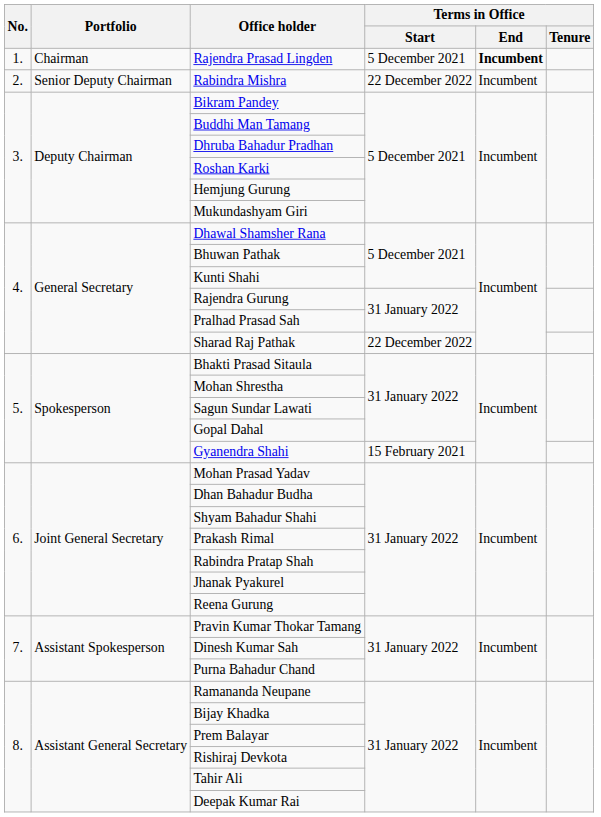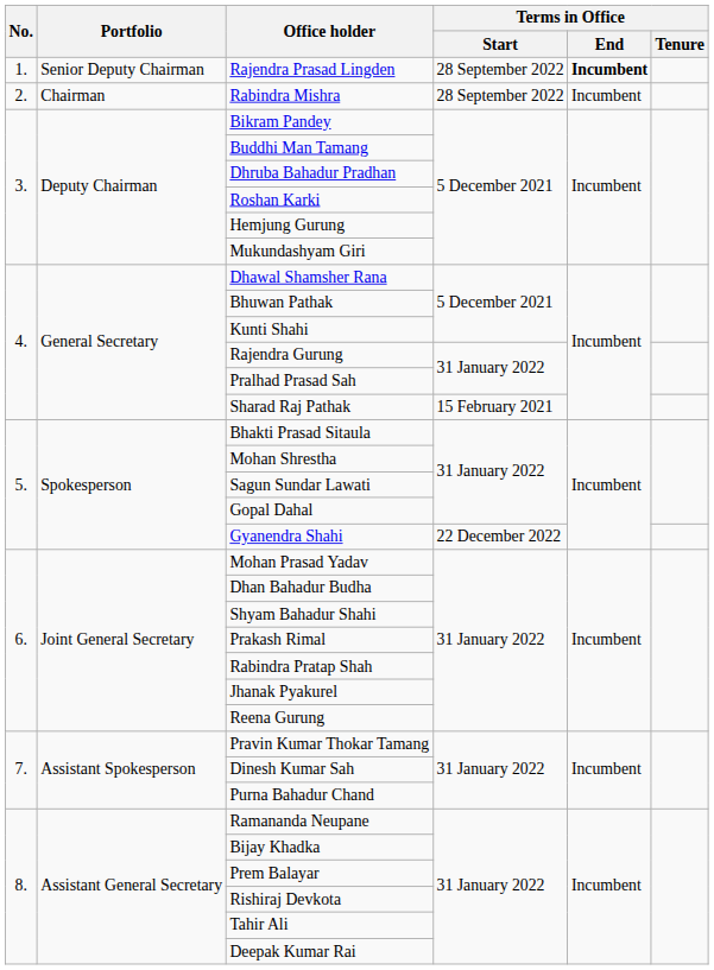 <table class="wikitable">
 <tr>
 <th rowspan="2" style="background-color:">No.</th>
 <th rowspan="2" style="background-color:">Portfolio</th>
 <th rowspan="2" style="background-color:">Office holder</th>
 <th colspan="3" style="background-color:">Terms in Office</th>
 </tr>
 <tr>
 <th style="background-color:">Start</th>
 <th style="background-color:">End</th>
 <th style="background-color:">Tenure</th>
 </tr>
 <tr>
 <td style="text-align: center;">1.</td>
-<td>Chairman</td>
+<td>Senior Deputy Chairman</td>
 <td><a href='#'>Rajendra Prasad Lingden</a></td>
-<td>5 December 2021</td>
+<td>28 September 2022</td>
 <td><strong>Incumbent</strong></td>
 <td></td>
 </tr>
 <tr>
 <td style="text-align: center;">2.</td>
-<td>Senior Deputy Chairman</td>
+<td>Chairman</td>
 <td><a href='#'>Rabindra Mishra</a></td>
-<td>22 December 2022</td>
+<td>28 September 2022</td>
 <td>Incumbent</td>
 <td></td>
 </tr>
 <tr>
 <td rowspan="6" style="text-align: center;">3.</td>
 <td rowspan="6">Deputy Chairman</td>
 <td><a href='#'>Bikram Pandey</a></td>
 <td rowspan="6">5 December 2021</td>
 <td rowspan="6">Incumbent</td>
 <td rowspan="6"></td>
 </tr>
 <tr>
 <td><a href='#'>Buddhi Man Tamang</a></td>
 </tr>
 <tr>
 <td><a href='#'>Dhruba Bahadur Pradhan</a></td>
 </tr>
 <tr>
 <td><a href='#'>Roshan Karki</a></td>
 </tr>
 <tr>
 <td>Hemjung Gurung</td>
 </tr>
 <tr>
 <td>Mukundashyam Giri</td>
 </tr>
 <tr>
 <td rowspan="6" style="text-align: center;">4.</td>
 <td rowspan="6">General Secretary</td>
 <td><a href='#'>Dhawal Shamsher Rana</a></td>
 <td rowspan="3">5 December 2021</td>
 <td rowspan="6">Incumbent</td>
 <td rowspan="3"></td>
 </tr>
 <tr>
 <td>Bhuwan Pathak</td>
 </tr>
 <tr>
 <td>Kunti Shahi</td>
 </tr>
 <tr>
 <td>Rajendra Gurung</td>
 <td rowspan="2">31 January 2022</td>
 <td rowspan="2"></td>
 </tr>
 <tr>
 <td>Pralhad Prasad Sah</td>
 </tr>
 <tr>
 <td>Sharad Raj Pathak</td>
-<td>22 December 2022</td>
+<td>15 February 2021</td>
 <td></td>
 </tr>
 <tr>
 <td rowspan="5" style="text-align: center;">5.</td>
 <td rowspan="5">Spokesperson</td>
 <td>Bhakti Prasad Sitaula</td>
 <td rowspan="4">31 January 2022</td>
 <td rowspan="5">Incumbent</td>
 <td rowspan="4"></td>
 </tr>
 <tr>
 <td>Mohan Shrestha</td>
 </tr>
 <tr>
 <td>Sagun Sundar Lawati</td>
 </tr>
 <tr>
 <td>Gopal Dahal</td>
 </tr>
 <tr>
 <td><a href='#'>Gyanendra Shahi</a></td>
-<td>15 February 2021</td>
+<td>22 December 2022</td>
 <td></td>
 </tr>
 <tr>
 <td rowspan="7" style="text-align: center;">6.</td>
 <td rowspan="7">Joint General Secretary</td>
 <td>Mohan Prasad Yadav</td>
 <td rowspan="7">31 January 2022</td>
 <td rowspan="7">Incumbent</td>
 <td rowspan="7"></td>
 </tr>
 <tr>
 <td>Dhan Bahadur Budha</td>
 </tr>
 <tr>
 <td>Shyam Bahadur Shahi</td>
 </tr>
 <tr>
 <td>Prakash Rimal</td>
 </tr>
 <tr>
 <td>Rabindra Pratap Shah</td>
 </tr>
 <tr>
 <td>Jhanak Pyakurel</td>
 </tr>
 <tr>
 <td>Reena Gurung</td>
 </tr>
 <tr>
 <td rowspan="3" style="text-align: center;">7.</td>
 <td rowspan="3">Assistant Spokesperson</td>
 <td>Pravin Kumar Thokar Tamang</td>
 <td rowspan="3">31 January 2022</td>
 <td rowspan="3">Incumbent</td>
 <td rowspan="3"></td>
 </tr>
 <tr>
 <td>Dinesh Kumar Sah</td>
 </tr>
 <tr>
 <td>Purna Bahadur Chand</td>
 </tr>
 <tr>
 <td rowspan="6" style="text-align: center;">8.</td>
 <td rowspan="6">Assistant General Secretary</td>
 <td>Ramananda Neupane</td>
 <td rowspan="6">31 January 2022</td>
 <td rowspan="6">Incumbent</td>
 <td rowspan="6"></td>
 </tr>
 <tr>
 <td>Bijay Khadka</td>
 </tr>
 <tr>
 <td>Prem Balayar</td>
 </tr>
 <tr>
 <td>Rishiraj Devkota</td>
 </tr>
 <tr>
 <td>Tahir Ali</td>
 </tr>
 <tr>
 <td>Deepak Kumar Rai</td>
 </tr>
 </table>
